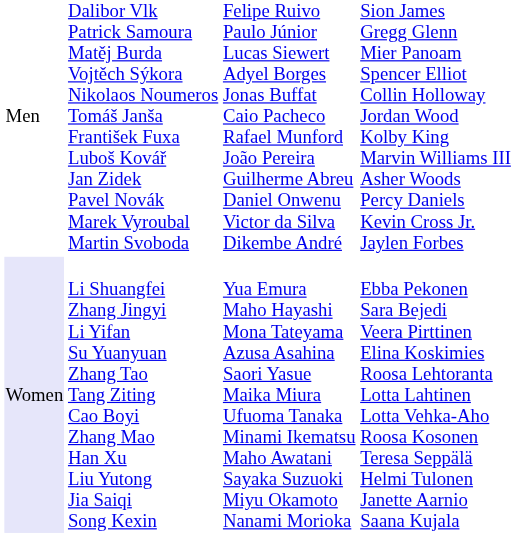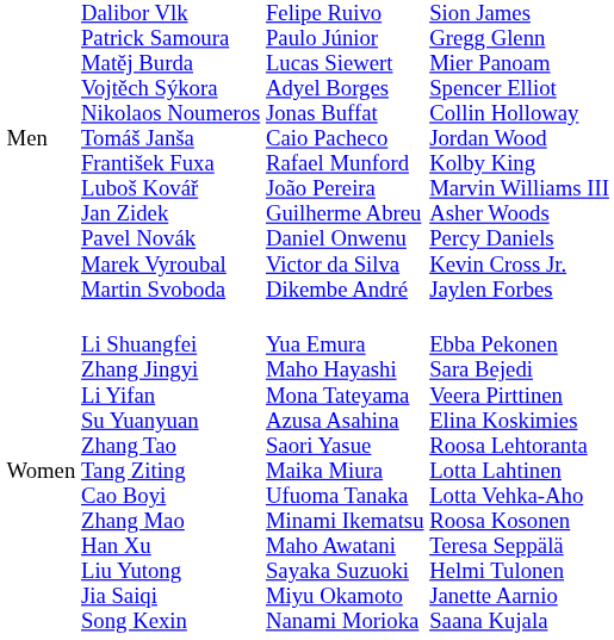 <table>
 <tr>
 <td>Men<br></td>
 <td><br><a href='#'>Dalibor Vlk</a><br><a href='#'>Patrick Samoura</a><br><a href='#'>Matěj Burda</a><br><a href='#'>Vojtěch Sýkora</a><br><a href='#'>Nikolaos Noumeros</a><br><a href='#'>Tomáš Janša</a><br><a href='#'>František Fuxa</a><br><a href='#'>Luboš Kovář</a><br><a href='#'>Jan Zidek</a><br><a href='#'>Pavel Novák</a><br><a href='#'>Marek Vyroubal</a><br><a href='#'>Martin Svoboda</a></td>
 <td><br><a href='#'>Felipe Ruivo</a><br><a href='#'>Paulo Júnior</a><br><a href='#'>Lucas Siewert</a><br><a href='#'>Adyel Borges</a><br><a href='#'>Jonas Buffat</a><br><a href='#'>Caio Pacheco</a><br><a href='#'>Rafael Munford</a><br><a href='#'>João Pereira</a><br><a href='#'>Guilherme Abreu</a><br><a href='#'>Daniel Onwenu</a><br><a href='#'>Victor da Silva</a><br><a href='#'>Dikembe André</a></td>
 <td><br><a href='#'>Sion James</a><br><a href='#'>Gregg Glenn</a><br><a href='#'>Mier Panoam</a><br><a href='#'>Spencer Elliot</a><br><a href='#'>Collin Holloway</a><br><a href='#'>Jordan Wood</a><br><a href='#'>Kolby King</a><br><a href='#'>Marvin Williams III</a><br><a href='#'>Asher Woods</a><br><a href='#'>Percy Daniels</a><br><a href='#'>Kevin Cross Jr.</a><br><a href='#'>Jaylen Forbes</a></td>
 </tr>
 <tr>
-<td style="background: lavender;">Women<br></td>
+<td>Women<br></td>
 <td><br><a href='#'>Li Shuangfei</a><br><a href='#'>Zhang Jingyi</a><br><a href='#'>Li Yifan</a><br><a href='#'>Su Yuanyuan</a><br><a href='#'>Zhang Tao</a><br><a href='#'>Tang Ziting</a><br><a href='#'>Cao Boyi</a><br><a href='#'>Zhang Mao</a><br><a href='#'>Han Xu</a><br><a href='#'>Liu Yutong</a><br><a href='#'>Jia Saiqi</a><br><a href='#'>Song Kexin</a></td>
 <td><br><a href='#'>Yua Emura</a><br><a href='#'>Maho Hayashi</a><br><a href='#'>Mona Tateyama</a><br><a href='#'>Azusa Asahina</a><br><a href='#'>Saori Yasue</a><br><a href='#'>Maika Miura</a><br><a href='#'>Ufuoma Tanaka</a><br><a href='#'>Minami Ikematsu</a><br><a href='#'>Maho Awatani</a><br><a href='#'>Sayaka Suzuoki</a><br><a href='#'>Miyu Okamoto</a><br><a href='#'>Nanami Morioka</a></td>
 <td><br><a href='#'>Ebba Pekonen</a><br><a href='#'>Sara Bejedi</a><br><a href='#'>Veera Pirttinen</a><br><a href='#'>Elina Koskimies</a><br><a href='#'>Roosa Lehtoranta</a><br><a href='#'>Lotta Lahtinen</a><br><a href='#'>Lotta Vehka-Aho</a><br><a href='#'>Roosa Kosonen</a><br><a href='#'>Teresa Seppälä</a><br><a href='#'>Helmi Tulonen</a><br><a href='#'>Janette Aarnio</a><br><a href='#'>Saana Kujala</a></td>
 </tr>
 </table>
